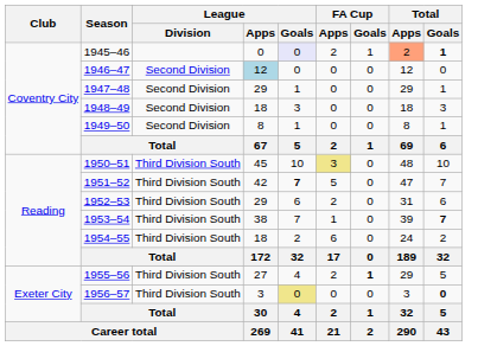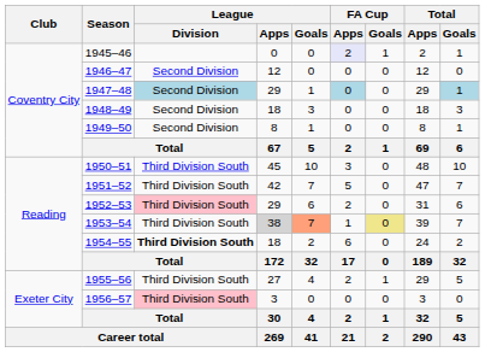 <table class="wikitable" style="text-align: center;">
 <tr>
 <th rowspan="2">Club</th>
 <th rowspan="2">Season</th>
 <th colspan="3">League</th>
 <th colspan="2">FA Cup</th>
 <th colspan="2">Total</th>
 </tr>
 <tr>
 <th>Division</th>
 <th>Apps</th>
 <th>Goals</th>
 <th>Apps</th>
 <th>Goals</th>
 <th>Apps</th>
 <th>Goals</th>
 </tr>
 <tr>
 <td rowspan="6"><a href='#'>Coventry City</a></td>
 <td>1945–46</td>
 <td></td>
 <td>0</td>
-<td style="background: lavender;">0</td>
+<td>0</td>
+<td style="background: lavender;">2</td>
+<td>1</td>
 <td>2</td>
 <td>1</td>
-<td style="background: lightsalmon;">2</td>
-<td><strong>1</strong></td>
 </tr>
 <tr>
 <td><a href='#'>1946–47</a></td>
 <td><a href='#'>Second Division</a></td>
-<td style="background: lightblue;">12</td>
+<td>12</td>
 <td>0</td>
 <td>0</td>
 <td>0</td>
 <td>12</td>
 <td>0</td>
 </tr>
 <tr>
 <td><a href='#'>1947–48</a></td>
-<td>Second Division</td>
+<td style="background: lightblue;">Second Division</td>
 <td>29</td>
 <td>1</td>
-<td>0</td>
+<td style="background: lightblue;">0</td>
 <td>0</td>
 <td>29</td>
-<td>1</td>
+<td style="background: lightblue;">1</td>
 </tr>
 <tr>
 <td><a href='#'>1948–49</a></td>
 <td>Second Division</td>
 <td>18</td>
 <td>3</td>
 <td>0</td>
 <td>0</td>
 <td>18</td>
 <td>3</td>
 </tr>
 <tr>
 <td><a href='#'>1949–50</a></td>
 <td>Second Division</td>
 <td>8</td>
 <td>1</td>
 <td>0</td>
 <td>0</td>
 <td>8</td>
 <td>1</td>
 </tr>
 <tr>
 <th colspan="2">Total</th>
 <th>67</th>
 <th>5</th>
 <th>2</th>
 <th>1</th>
 <th>69</th>
 <th>6</th>
 </tr>
 <tr>
 <td rowspan="6"><a href='#'>Reading</a></td>
 <td><a href='#'>1950–51</a></td>
 <td><a href='#'>Third Division South</a></td>
 <td>45</td>
 <td>10</td>
-<td style="background: khaki;">3</td>
+<td>3</td>
 <td>0</td>
 <td>48</td>
 <td>10</td>
 </tr>
 <tr>
 <td><a href='#'>1951–52</a></td>
 <td>Third Division South</td>
 <td>42</td>
-<td><strong>7</strong></td>
+<td>7</td>
 <td>5</td>
 <td>0</td>
 <td>47</td>
 <td>7</td>
 </tr>
 <tr>
 <td><a href='#'>1952–53</a></td>
-<td>Third Division South</td>
+<td style="background: pink;">Third Division South</td>
 <td>29</td>
 <td>6</td>
 <td>2</td>
 <td>0</td>
 <td>31</td>
 <td>6</td>
 </tr>
 <tr>
 <td><a href='#'>1953–54</a></td>
 <td>Third Division South</td>
-<td>38</td>
+<td style="background: lightgrey;">38</td>
+<td style="background: lightsalmon;">7</td>
+<td>1</td>
+<td style="background: khaki;">0</td>
+<td>39</td>
 <td>7</td>
-<td>1</td>
-<td>0</td>
-<td>39</td>
-<td><strong>7</strong></td>
 </tr>
 <tr>
 <td><a href='#'>1954–55</a></td>
-<td>Third Division South</td>
+<td><strong>Third Division South</strong></td>
 <td>18</td>
 <td>2</td>
 <td>6</td>
 <td>0</td>
 <td>24</td>
 <td>2</td>
 </tr>
 <tr>
 <th colspan="2">Total</th>
 <th>172</th>
 <th>32</th>
 <th>17</th>
 <th>0</th>
 <th>189</th>
 <th>32</th>
 </tr>
 <tr>
 <td rowspan="3"><a href='#'>Exeter City</a></td>
 <td><a href='#'>1955–56</a></td>
 <td>Third Division South</td>
 <td>27</td>
 <td>4</td>
 <td>2</td>
-<td><strong>1</strong></td>
+<td>1</td>
 <td>29</td>
 <td>5</td>
 </tr>
 <tr>
 <td><a href='#'>1956–57</a></td>
-<td>Third Division South</td>
+<td style="background: pink;">Third Division South</td>
 <td>3</td>
-<td style="background: khaki;">0</td>
+<td>0</td>
 <td>0</td>
 <td>0</td>
 <td>3</td>
-<td><strong>0</strong></td>
+<td>0</td>
 </tr>
 <tr>
 <th colspan="2">Total</th>
 <th>30</th>
 <th>4</th>
 <th>2</th>
 <th>1</th>
 <th>32</th>
 <th>5</th>
 </tr>
 <tr>
 <th colspan="3">Career total</th>
 <th>269</th>
 <th>41</th>
 <th>21</th>
 <th>2</th>
 <th>290</th>
 <th>43</th>
 </tr>
 </table>
